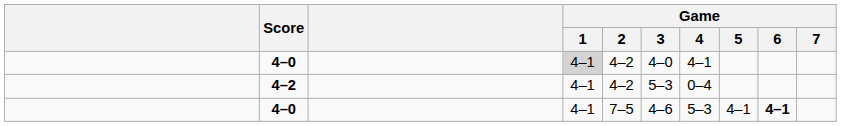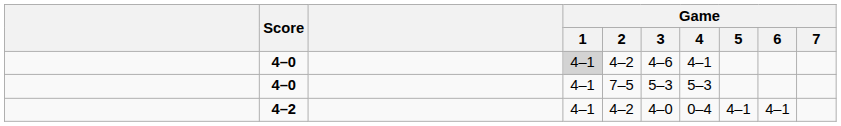 <table class="wikitable" style="text-align: center;">
 <tr>
 <th rowspan=2 align="right" width="270"></th>
 <th rowspan=2 width="45">Score</th>
 <th rowspan=2 align="left" width="270"></th>
 <th colspan=7>Game</th>
 </tr>
 <tr>
 <th width="35">1</th>
 <th width="35">2</th>
 <th width="35">3</th>
 <th width="35">4</th>
 <th width="35">5</th>
 <th width="35">6</th>
 <th width="35">7</th>
 </tr>
 <tr>
 <td align=left><strong></strong></td>
 <td align=center><strong>4–0</strong></td>
 <td align=left></td>
 <td style="background: lightgrey;">4–1</td>
 <td>4–2</td>
-<td>4–0</td>
+<td>4–6</td>
 <td>4–1</td>
+<td></td>
+<td></td>
+<td></td>
+</tr>
+<tr>
+<td align=left><strong></strong></td>
+<td align=center><strong>4–0</strong></td>
+<td align=left></td>
+<td>4–1</td>
+<td>7–5</td>
+<td>5–3</td>
+<td>5–3</td>
 <td></td>
 <td></td>
 <td></td>
 </tr>
 <tr>
 <td align=left><strong></strong></td>
 <td align=center><strong>4–2</strong></td>
 <td align=left></td>
 <td>4–1</td>
 <td>4–2</td>
-<td>5–3</td>
+<td>4–0</td>
 <td>0–4</td>
-<td></td>
-<td></td>
-<td></td>
-</tr>
-<tr>
-<td align=left><strong></strong></td>
-<td align=center><strong>4–0</strong></td>
-<td align=left></td>
 <td>4–1</td>
-<td>7–5</td>
-<td>4–6</td>
-<td>5–3</td>
 <td>4–1</td>
-<td><strong>4–1</strong></td>
 <td></td>
 </tr>
 </table>
